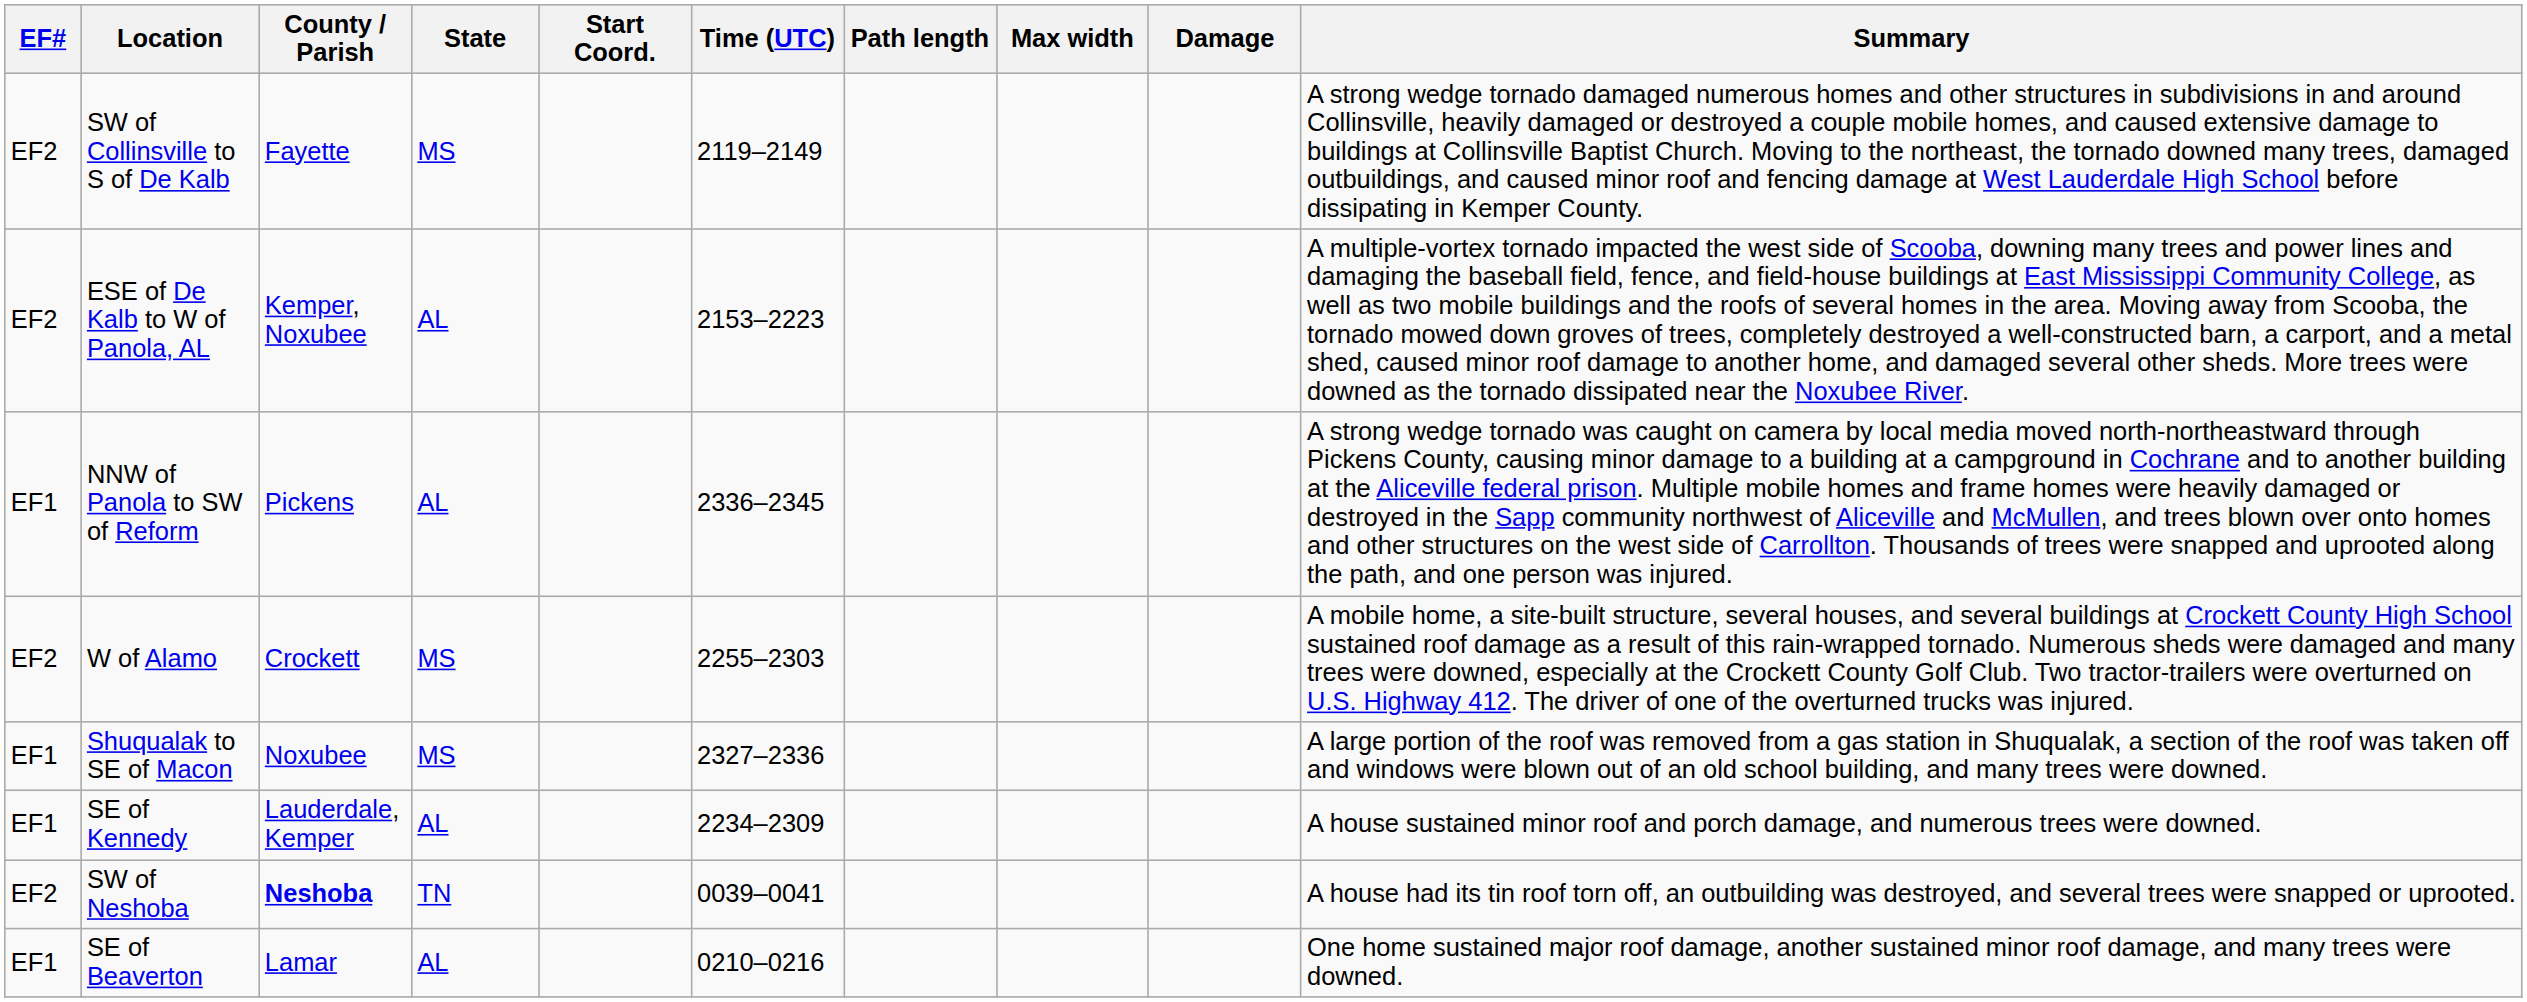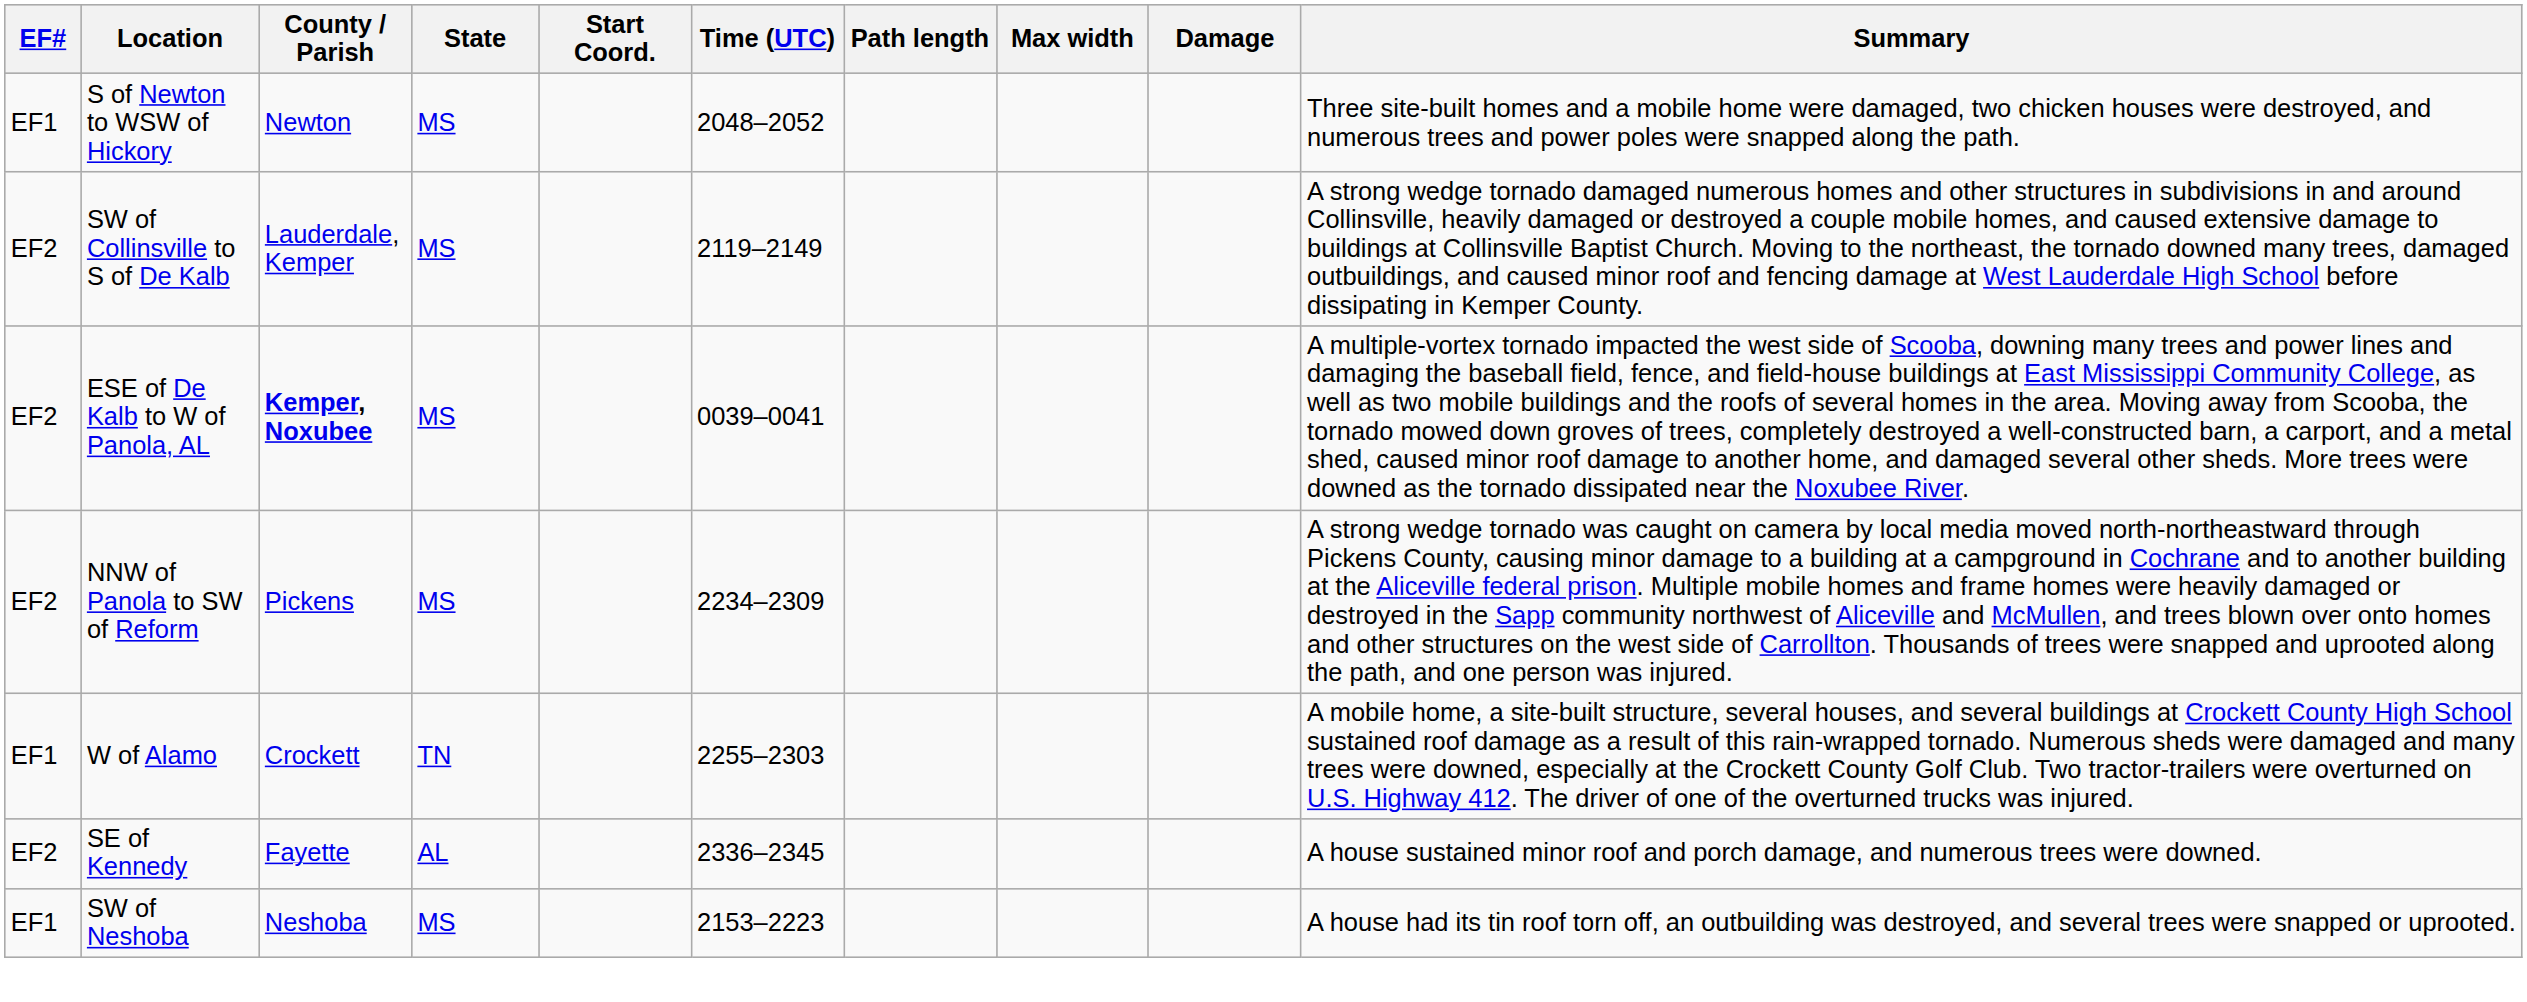 <table class="wikitable sortable" style="width:100%;">
 <tr>
 <th scope="col"  style="width:3%; text-align:center;"><a href='#'>EF#</a></th>
 <th scope="col"  style="width:7%; text-align:center;" class="unsortable">Location</th>
 <th scope="col"  style="width:6%; text-align:center;" class="unsortable">County / Parish</th>
 <th scope="col"  style="width:5%; text-align:center;">State</th>
 <th scope="col"  style="width:6%; text-align:center;">Start Coord.</th>
 <th scope="col"  style="width:6%; text-align:center;">Time (<a href='#'>UTC</a>)</th>
 <th scope="col"  style="width:6%; text-align:center;">Path length</th>
 <th scope="col"  style="width:6%; text-align:center;">Max width</th>
 <th scope="col"  style="width:6%; text-align:center;">Damage</th>
 <th scope="col" class="unsortable" style="width:48%; text-align:center;">Summary</th>
 </tr>
 <tr>
+<td>EF1</td>
+<td>S of <a href='#'>Newton</a> to WSW of <a href='#'>Hickory</a></td>
+<td><a href='#'>Newton</a></td>
+<td><a href='#'>MS</a></td>
+<td></td>
+<td>2048–2052</td>
+<td></td>
+<td></td>
+<td></td>
+<td>Three site-built homes and a mobile home were damaged, two chicken houses were destroyed, and numerous trees and power poles were snapped along the path.</td>
+</tr>
+<tr>
 <td>EF2</td>
 <td>SW of <a href='#'>Collinsville</a> to S of <a href='#'>De Kalb</a></td>
-<td><a href='#'>Fayette</a></td>
+<td><a href='#'>Lauderdale</a>, <a href='#'>Kemper</a></td>
 <td><a href='#'>MS</a></td>
 <td></td>
 <td>2119–2149</td>
 <td></td>
 <td></td>
 <td></td>
 <td>A strong wedge tornado damaged numerous homes and other structures in subdivisions in and around Collinsville, heavily damaged or destroyed a couple mobile homes, and caused extensive damage to buildings at Collinsville Baptist Church. Moving to the northeast, the tornado downed many trees, damaged outbuildings, and caused minor roof and fencing damage at <a href='#'>West Lauderdale High School</a> before dissipating in Kemper County.</td>
 </tr>
 <tr>
 <td>EF2</td>
 <td>ESE of <a href='#'>De Kalb</a> to W of <a href='#'>Panola, AL</a></td>
-<td><a href='#'>Kemper</a>, <a href='#'>Noxubee</a></td>
-<td><a href='#'>AL</a></td>
+<td><strong><a href='#'>Kemper</a>, <a href='#'>Noxubee</a></strong></td>
+<td><a href='#'>MS</a></td>
 <td></td>
-<td>2153–2223</td>
+<td>0039–0041</td>
 <td></td>
 <td></td>
 <td></td>
 <td>A multiple-vortex tornado impacted the west side of <a href='#'>Scooba</a>, downing many trees and power lines and damaging the baseball field, fence, and field-house buildings at <a href='#'>East Mississippi Community College</a>, as well as two mobile buildings and the roofs of several homes in the area. Moving away from Scooba, the tornado mowed down groves of trees, completely destroyed a well-constructed barn, a carport, and a metal shed, caused minor roof damage to another home, and damaged several other sheds. More trees were downed as the tornado dissipated near the <a href='#'>Noxubee River</a>.</td>
 </tr>
 <tr>
-<td>EF1</td>
+<td>EF2</td>
 <td>NNW of <a href='#'>Panola</a> to SW of <a href='#'>Reform</a></td>
 <td><a href='#'>Pickens</a></td>
-<td><a href='#'>AL</a></td>
+<td><a href='#'>MS</a></td>
 <td></td>
-<td>2336–2345</td>
+<td>2234–2309</td>
 <td></td>
 <td></td>
 <td></td>
 <td>A strong wedge tornado was caught on camera by local media moved north-northeastward through Pickens County, causing minor damage to a building at a campground in <a href='#'>Cochrane</a> and to another building at the <a href='#'>Aliceville federal prison</a>. Multiple mobile homes and frame homes were heavily damaged or destroyed in the <a href='#'>Sapp</a> community northwest of <a href='#'>Aliceville</a> and <a href='#'>McMullen</a>, and trees blown over onto homes and other structures on the west side of <a href='#'>Carrollton</a>. Thousands of trees were snapped and uprooted along the path, and one person was injured.</td>
 </tr>
 <tr>
-<td>EF2</td>
+<td>EF1</td>
 <td>W of <a href='#'>Alamo</a></td>
 <td><a href='#'>Crockett</a></td>
-<td><a href='#'>MS</a></td>
+<td><a href='#'>TN</a></td>
 <td></td>
 <td>2255–2303</td>
 <td></td>
 <td></td>
 <td></td>
 <td>A mobile home, a site-built structure, several houses, and several buildings at <a href='#'>Crockett County High School</a> sustained roof damage as a result of this rain-wrapped tornado. Numerous sheds were damaged and many trees were downed, especially at the Crockett County Golf Club. Two tractor-trailers were overturned on <a href='#'>U.S. Highway 412</a>. The driver of one of the overturned trucks was injured.</td>
 </tr>
 <tr>
-<td>EF1</td>
-<td><a href='#'>Shuqualak</a> to SE of <a href='#'>Macon</a></td>
-<td><a href='#'>Noxubee</a></td>
-<td><a href='#'>MS</a></td>
-<td></td>
-<td>2327–2336</td>
-<td></td>
-<td></td>
-<td></td>
-<td>A large portion of the roof was removed from a gas station in Shuqualak, a  section of the roof was taken off and windows were blown out of an old school building, and many trees were downed.</td>
-</tr>
-<tr>
-<td>EF1</td>
+<td>EF2</td>
 <td>SE of <a href='#'>Kennedy</a></td>
-<td><a href='#'>Lauderdale</a>, <a href='#'>Kemper</a></td>
+<td><a href='#'>Fayette</a></td>
 <td><a href='#'>AL</a></td>
 <td></td>
-<td>2234–2309</td>
+<td>2336–2345</td>
 <td></td>
 <td></td>
 <td></td>
 <td>A house sustained minor roof and porch damage, and numerous trees were downed.</td>
 </tr>
 <tr>
-<td>EF2</td>
+<td>EF1</td>
 <td>SW of <a href='#'>Neshoba</a></td>
-<td><strong><a href='#'>Neshoba</a></strong></td>
-<td><a href='#'>TN</a></td>
+<td><a href='#'>Neshoba</a></td>
+<td><a href='#'>MS</a></td>
 <td></td>
-<td>0039–0041</td>
+<td>2153–2223</td>
 <td></td>
 <td></td>
 <td></td>
 <td>A house had its tin roof torn off, an outbuilding was destroyed, and several trees were snapped or uprooted.</td>
 </tr>
-<tr>
-<td>EF1</td>
-<td>SE of <a href='#'>Beaverton</a></td>
-<td><a href='#'>Lamar</a></td>
-<td><a href='#'>AL</a></td>
-<td></td>
-<td>0210–0216</td>
-<td></td>
-<td></td>
-<td></td>
-<td>One home sustained major roof damage, another sustained minor roof damage, and many trees were downed.</td>
-</tr>
 </table>
